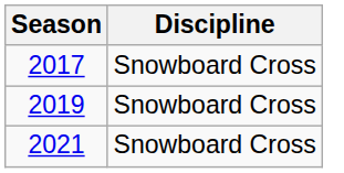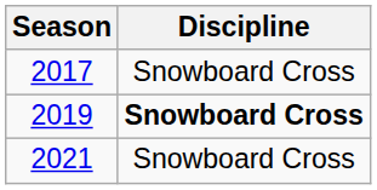 <table class="wikitable">
 <tr>
 <th>Season</th>
 <th>Discipline</th>
 </tr>
 <tr>
 <td align=center><a href='#'>2017</a></td>
 <td align=center>Snowboard Cross</td>
 </tr>
 <tr>
 <td align=center><a href='#'>2019</a></td>
-<td align=center>Snowboard Cross</td>
+<td align=center><strong>Snowboard Cross</strong></td>
 </tr>
 <tr>
 <td align=center><a href='#'>2021</a></td>
 <td align=center>Snowboard Cross</td>
 </tr>
 </table>
